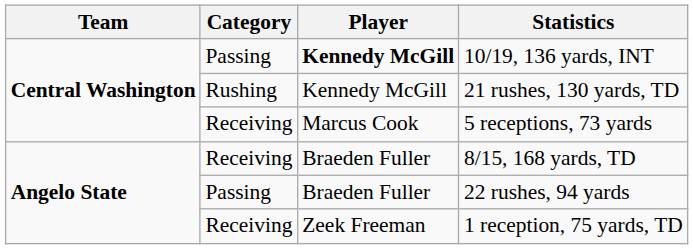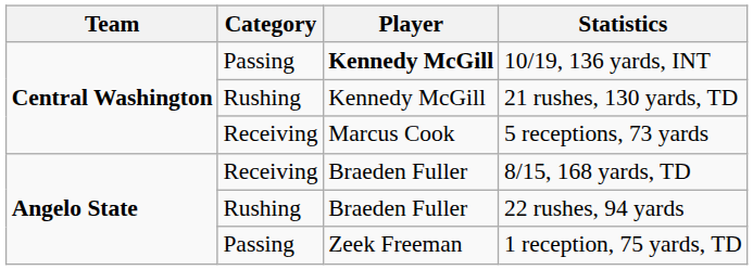 <table class="wikitable" style="float: right;">
 <tr>
 <th>Team</th>
 <th>Category</th>
 <th>Player</th>
 <th>Statistics</th>
 </tr>
 <tr>
 <td rowspan=3><strong>Central Washington</strong></td>
 <td>Passing</td>
 <td><strong>Kennedy McGill</strong></td>
 <td>10/19, 136 yards, INT</td>
 </tr>
 <tr>
 <td>Rushing</td>
 <td>Kennedy McGill</td>
 <td>21 rushes, 130 yards, TD</td>
 </tr>
 <tr>
 <td>Receiving</td>
 <td>Marcus Cook</td>
 <td>5 receptions, 73 yards</td>
 </tr>
 <tr>
 <td rowspan=3><strong>Angelo State</strong></td>
 <td>Receiving</td>
 <td>Braeden Fuller</td>
 <td>8/15, 168 yards, TD</td>
 </tr>
 <tr>
-<td>Passing</td>
+<td>Rushing</td>
 <td>Braeden Fuller</td>
 <td>22 rushes, 94 yards</td>
 </tr>
 <tr>
-<td>Receiving</td>
+<td>Passing</td>
 <td>Zeek Freeman</td>
 <td>1 reception, 75 yards, TD</td>
 </tr>
 </table>
